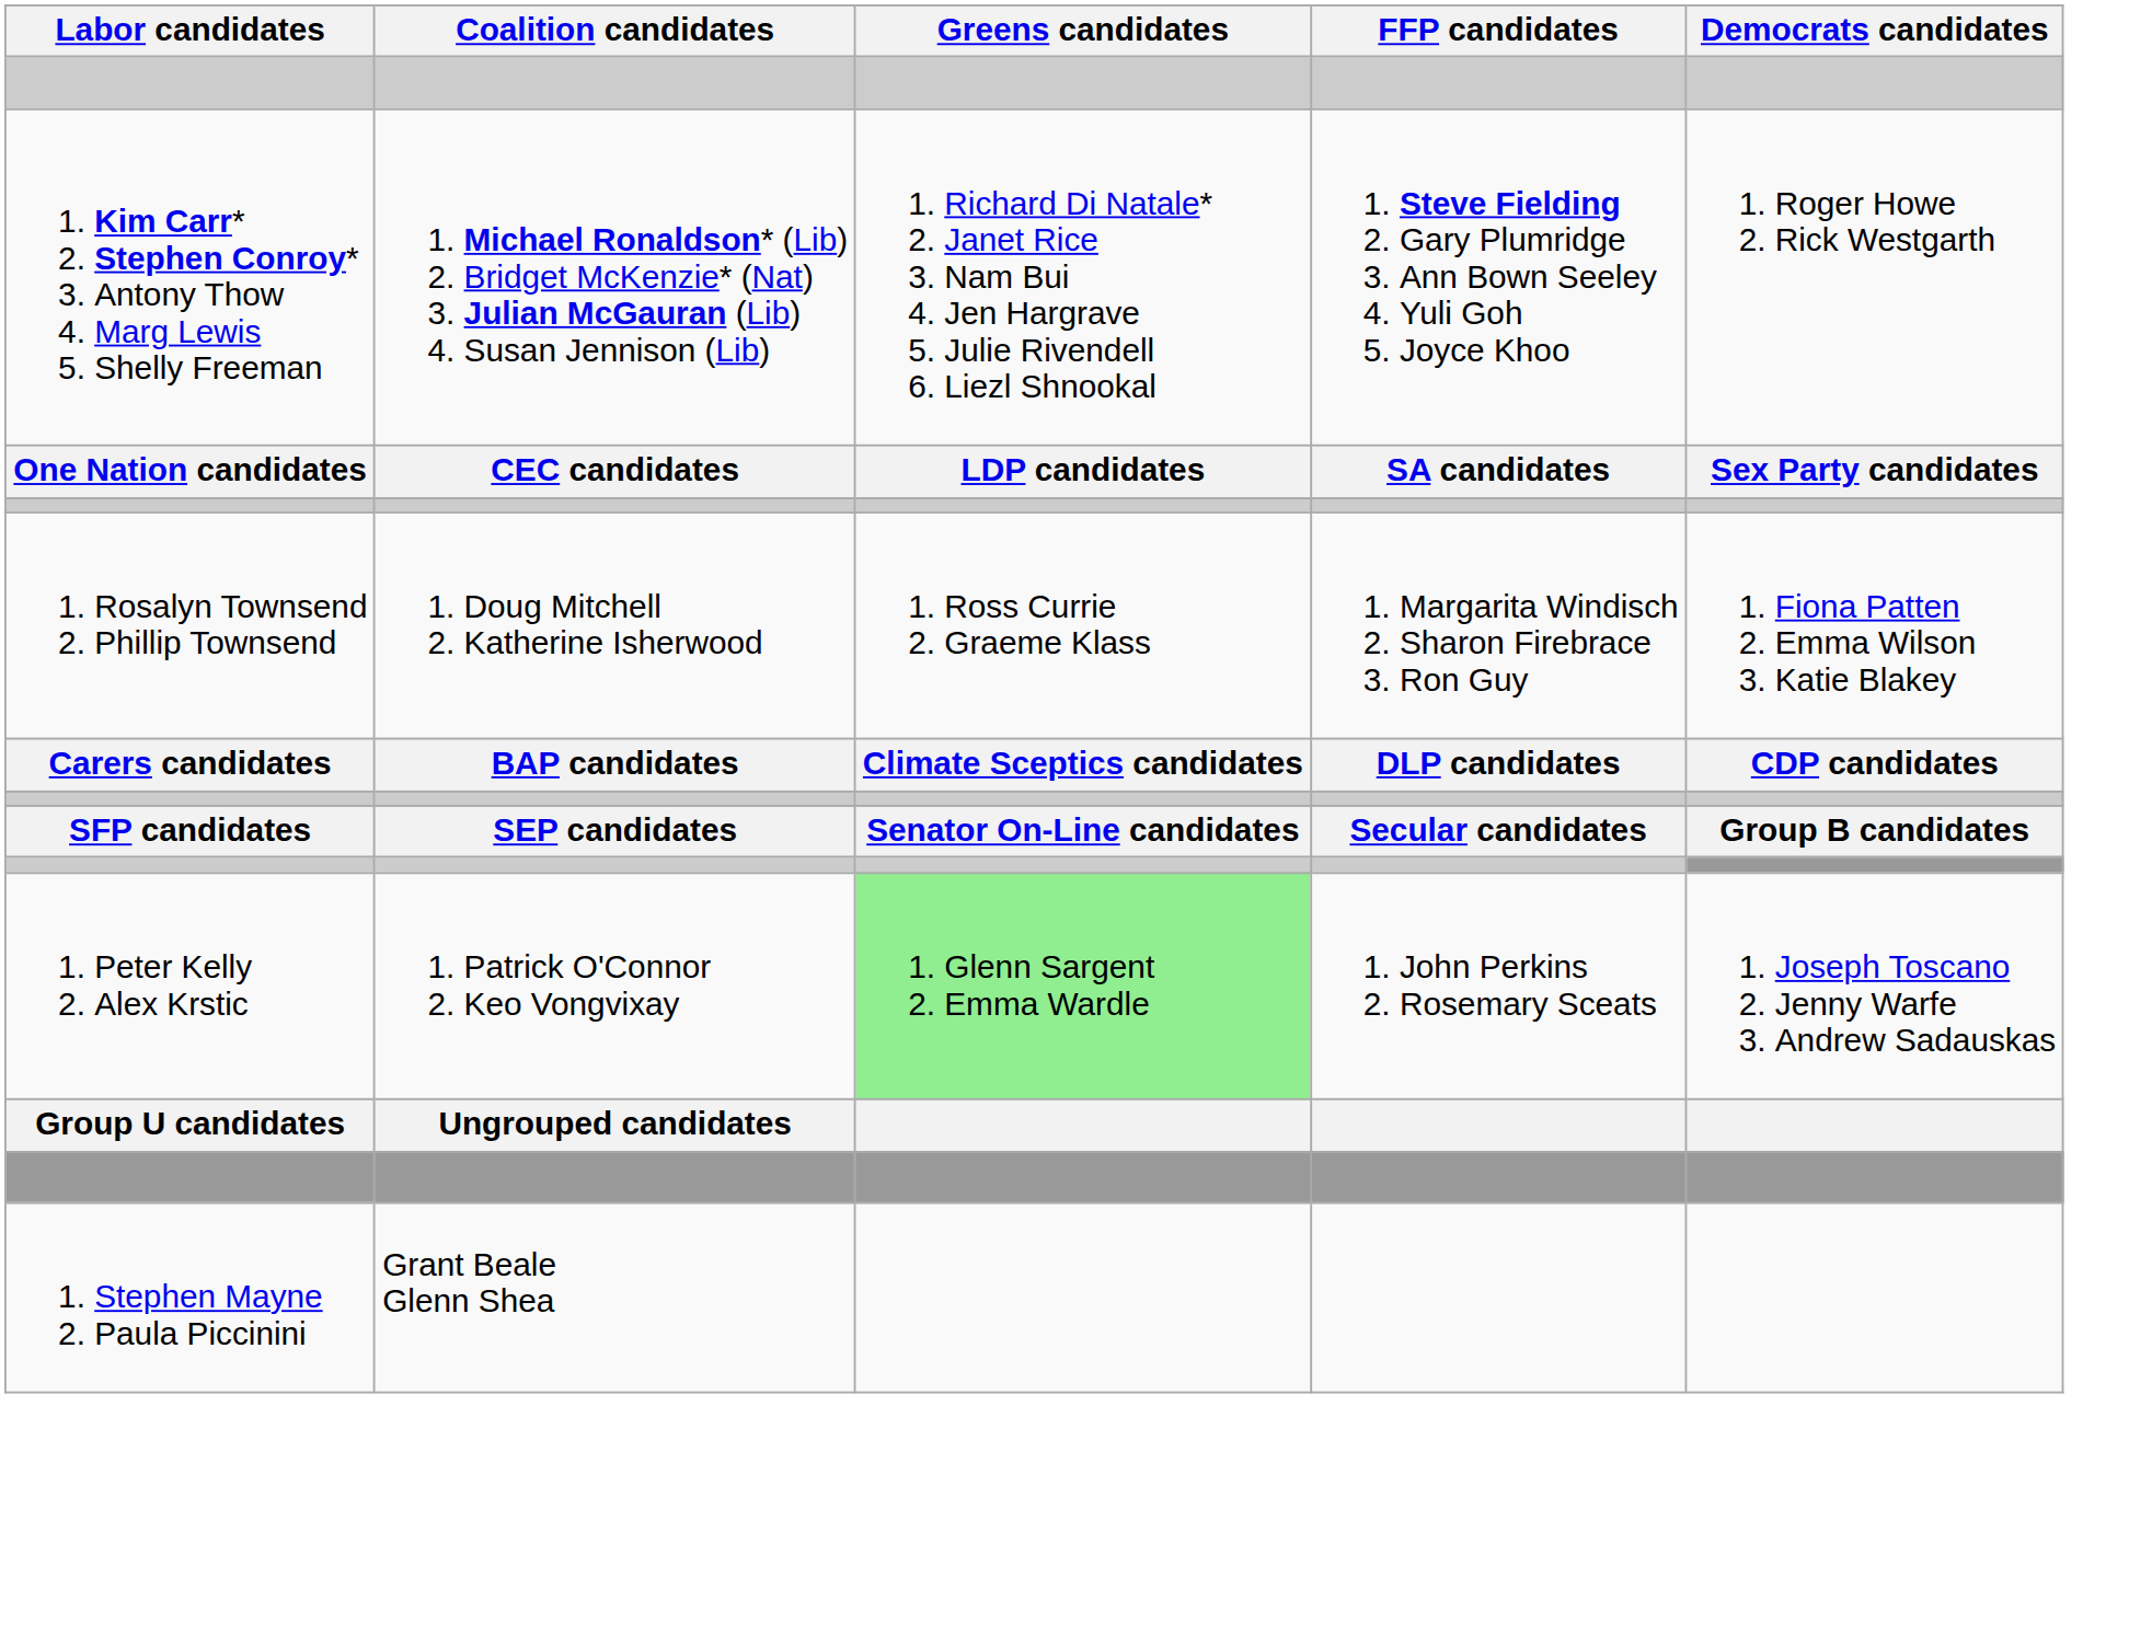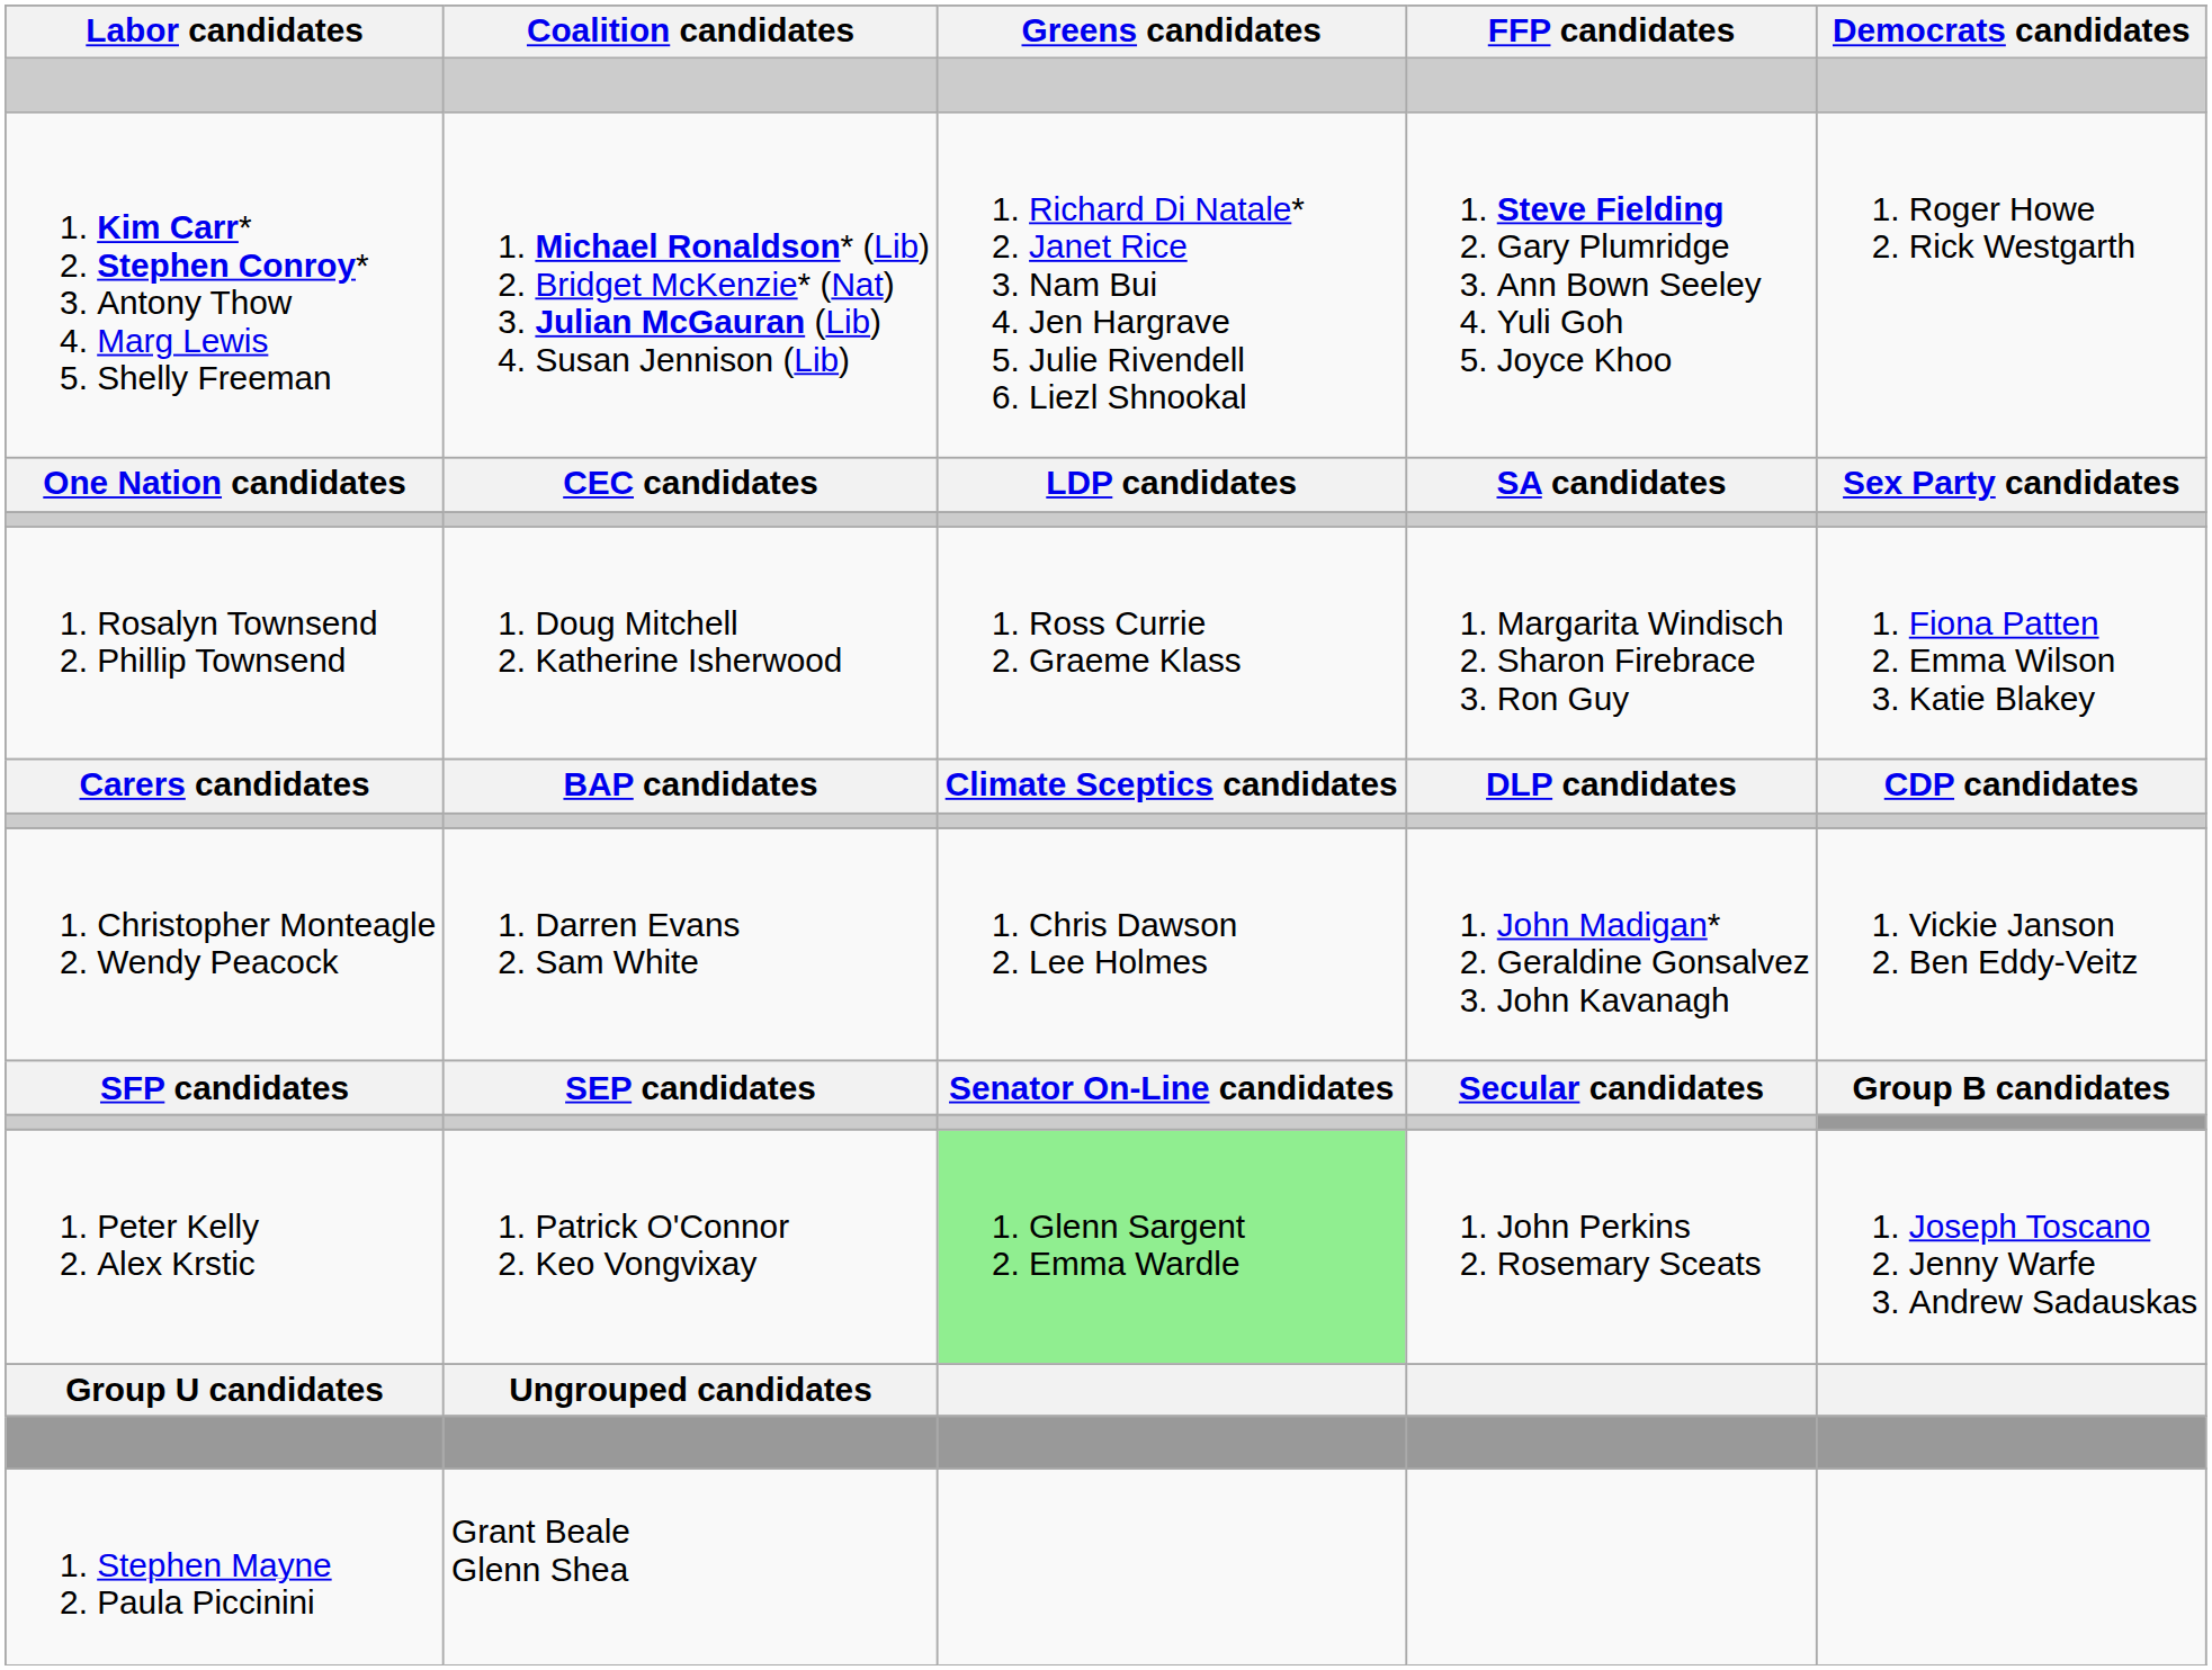 <table class="wikitable">
 <tr>
 <th><a href='#'>Labor</a> candidates</th>
 <th><a href='#'>Coalition</a> candidates</th>
 <th><a href='#'>Greens</a> candidates</th>
 <th><a href='#'>FFP</a> candidates</th>
 <th><a href='#'>Democrats</a> candidates</th>
 </tr>
 <tr style="background:#ccc;">
 <td></td>
 <td></td>
 <td></td>
 <td></td>
 <td> </td>
 </tr>
 <tr>
 <td><br><ol><li><strong><a href='#'>Kim Carr</a></strong>*</li><li><strong><a href='#'>Stephen Conroy</a></strong>*</li><li>Antony Thow</li><li><a href='#'>Marg Lewis</a></li><li>Shelly Freeman</li></ol></td>
 <td><br><ol><li><strong><a href='#'>Michael Ronaldson</a></strong>* (<a href='#'>Lib</a>)</li><li><a href='#'>Bridget McKenzie</a>* (<a href='#'>Nat</a>)</li><li><strong><a href='#'>Julian McGauran</a></strong> (<a href='#'>Lib</a>)</li><li>Susan Jennison (<a href='#'>Lib</a>)</li></ol></td>
 <td><br><ol><li><a href='#'>Richard Di Natale</a>*</li><li><a href='#'>Janet Rice</a></li><li>Nam Bui</li><li>Jen Hargrave</li><li>Julie Rivendell</li><li>Liezl Shnookal</li></ol></td>
 <td valign=top><br><ol><li><strong><a href='#'>Steve Fielding</a></strong></li><li>Gary Plumridge</li><li>Ann Bown Seeley</li><li>Yuli Goh</li><li>Joyce Khoo</li></ol></td>
 <td valign=top><br><ol><li>Roger Howe</li><li>Rick Westgarth</li></ol></td>
 </tr>
 <tr style="background:#ccc;">
 <th><a href='#'>One Nation</a> candidates</th>
 <th><a href='#'>CEC</a> candidates</th>
 <th><a href='#'>LDP</a> candidates</th>
 <th><a href='#'>SA</a> candidates</th>
 <th><a href='#'>Sex Party</a> candidates</th>
 </tr>
 <tr style="background:#ccc;">
 <td></td>
 <td></td>
 <td></td>
 <td></td>
 <td></td>
 </tr>
 <tr>
 <td valign=top><br><ol><li>Rosalyn Townsend</li><li>Phillip Townsend</li></ol></td>
 <td valign=top><br><ol><li>Doug Mitchell</li><li>Katherine Isherwood</li></ol></td>
 <td valign=top><br><ol><li>Ross Currie</li><li>Graeme Klass</li></ol></td>
 <td valign=top><br><ol><li>Margarita Windisch</li><li>Sharon Firebrace</li><li>Ron Guy</li></ol></td>
 <td valign=top><br><ol><li><a href='#'>Fiona Patten</a></li><li>Emma Wilson</li><li>Katie Blakey</li></ol></td>
 </tr>
 <tr style="background:#ccc;">
 <th><a href='#'>Carers</a> candidates</th>
 <th><a href='#'>BAP</a> candidates</th>
 <th><a href='#'>Climate Sceptics</a> candidates</th>
 <th><a href='#'>DLP</a> candidates</th>
 <th><a href='#'>CDP</a> candidates</th>
 </tr>
 <tr style="background:#ccc;">
 <td></td>
 <td></td>
 <td></td>
 <td></td>
 <td></td>
 </tr>
+<tr>
+<td valign=top><br><ol><li>Christopher Monteagle</li><li>Wendy Peacock</li></ol></td>
+<td valign=top><br><ol><li>Darren Evans</li><li>Sam White</li></ol></td>
+<td valign=top><br><ol><li>Chris Dawson</li><li>Lee Holmes</li></ol></td>
+<td><br><ol><li><a href='#'>John Madigan</a>*</li><li>Geraldine Gonsalvez</li><li>John Kavanagh</li></ol></td>
+<td valign=top><br><ol><li>Vickie Janson</li><li>Ben Eddy-Veitz</li></ol></td>
+</tr>
 <tr style="background:#ccc;">
 <th><a href='#'>SFP</a> candidates</th>
 <th><a href='#'>SEP</a> candidates</th>
 <th><a href='#'>Senator On-Line</a> candidates</th>
 <th><a href='#'>Secular</a> candidates</th>
 <th>Group B candidates</th>
 </tr>
 <tr style="background:#ccc;">
 <td></td>
 <td></td>
 <td></td>
 <td></td>
 <td style="background:#999;"></td>
 </tr>
 <tr>
 <td valign=top><br><ol><li>Peter Kelly</li><li>Alex Krstic</li></ol></td>
 <td valign=top><br><ol><li>Patrick O'Connor</li><li>Keo Vongvixay</li></ol></td>
 <td valign=top style="background: lightgreen;"><br><ol><li>Glenn Sargent</li><li>Emma Wardle</li></ol></td>
 <td valign=top><br><ol><li>John Perkins</li><li>Rosemary Sceats</li></ol></td>
 <td valign=top><br><ol><li><a href='#'>Joseph Toscano</a></li><li>Jenny Warfe</li><li>Andrew Sadauskas</li></ol></td>
 </tr>
 <tr style="background:#ccc;">
 <th>Group U candidates</th>
 <th>Ungrouped candidates</th>
 <th></th>
 <th></th>
 <th></th>
 </tr>
 <tr style="background:#999;">
 <td> </td>
 <td style="background:#999;"> </td>
 <td style="background:#999;"> </td>
 <td style="background:#999;"> </td>
 <td style="background:#999;"> </td>
 </tr>
 <tr>
 <td valign=top><br><ol><li><a href='#'>Stephen Mayne</a></li><li>Paula Piccinini</li></ol></td>
 <td valign=top><br>Grant Beale<br> Glenn Shea</td>
 <td valign=top></td>
 <td valign=top></td>
 <td valign=top></td>
 </tr>
 </table>
